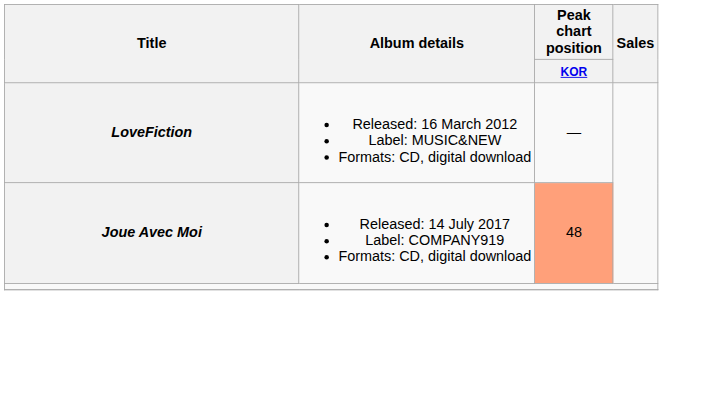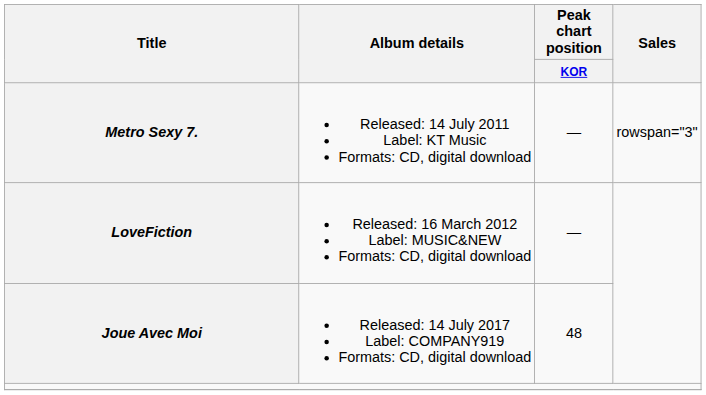 <table class="wikitable plainrowheaders" style="text-align:center;">
 <tr>
 <th scope="col" rowspan="2" style="width:20em;">Title</th>
 <th scope="col" rowspan="2">Album details</th>
 <th scope="col" style="width:5em;">Peak chart position</th>
 <th scope="col" rowspan="2">Sales</th>
 </tr>
 <tr>
 <th><small><a href='#'>KOR</a></small><br></th>
 </tr>
 <tr>
+<th scope="row"><em>Metro Sexy 7.</em></th>
+<td><br><ul><li>Released: 14 July 2011</li><li>Label: KT Music</li><li>Formats: CD, digital download</li></ul></td>
+<td>—</td>
+<td>rowspan="3" </td>
+</tr>
+<tr>
 <th scope="row"><em>LoveFiction</em></th>
 <td><br><ul><li>Released: 16 March 2012</li><li>Label: MUSIC&NEW</li><li>Formats: CD, digital download</li></ul></td>
 <td>—</td>
 </tr>
 <tr>
 <th scope="row"><em>Joue Avec Moi</em></th>
 <td><br><ul><li>Released: 14 July 2017</li><li>Label: COMPANY919</li><li>Formats: CD, digital download</li></ul></td>
-<td style="background: lightsalmon;">48</td>
+<td>48</td>
 </tr>
 <tr>
 <td colspan="4"></td>
 </tr>
 <tr>
 </tr>
 </table>
